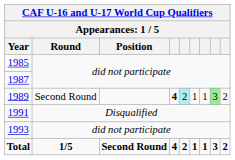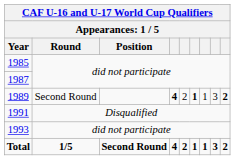 <table class="wikitable" style="text-align: center;">
 <tr>
 <th colspan=9><a href='#'>CAF U-16 and U-17 World Cup Qualifiers</a></th>
 </tr>
 <tr>
 <th colspan=9>Appearances: 1 / 5</th>
 </tr>
 <tr>
 <th>Year</th>
 <th>Round</th>
 <th>Position</th>
 <th></th>
 <th></th>
 <th></th>
 <th></th>
 <th></th>
 <th></th>
 </tr>
 <tr>
 <td><a href='#'>1985</a></td>
 <td rowspan=2 colspan=8><em>did not participate</em></td>
 </tr>
 <tr>
 <td><a href='#'>1987</a></td>
 </tr>
 <tr>
 <td><a href='#'>1989</a></td>
 <td>Second Round</td>
 <td></td>
 <td><strong>4</strong></td>
-<td style="background: paleturquoise;">2</td>
+<td>2</td>
+<td><strong>1</strong></td>
 <td>1</td>
-<td>1</td>
-<td style="background: lightgreen;">3</td>
-<td>2</td>
+<td>3</td>
+<td><strong>2</strong></td>
 </tr>
 <tr>
 <td><a href='#'>1991</a></td>
 <td rowspan=1 colspan=8><em>Disqualified</em></td>
 </tr>
 <tr>
 <td><a href='#'>1993</a></td>
 <td rowspan=1 colspan=8><em>did not participate</em></td>
 </tr>
 <tr>
 <td><strong>Total</strong></td>
 <td><strong>1/5</strong></td>
 <td><strong>Second Round</strong></td>
 <td><strong>4</strong></td>
 <td><strong>2</strong></td>
 <td><strong>1</strong></td>
 <td><strong>1</strong></td>
 <td><strong>3</strong></td>
 <td><strong>2</strong></td>
 </tr>
 </table>
